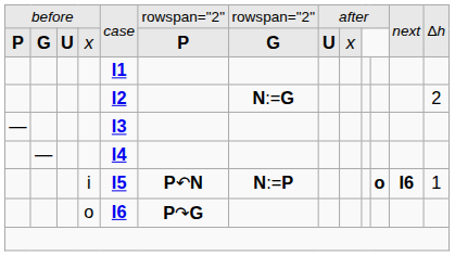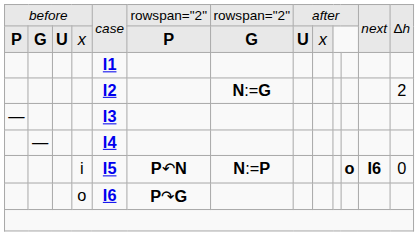 <table class="wikitable floatright" style="text-align:center;">
 <tr style="background:#E8E8E8;font-size:smaller;">
 <td colspan="4"><em>before</em></td>
 <td rowspan="2"><em>case</em></td>
 <td>rowspan="2" </td>
 <td>rowspan="2" </td>
 <td colspan="4"><em>after</em></td>
 <td rowspan="2"><em>next</em></td>
 <td rowspan="2">Δ<em>h</em></td>
 </tr>
 <tr style="background:#E8E8E8">
 <td><strong>P</strong></td>
 <td><strong>G</strong></td>
 <td><strong>U</strong></td>
 <td style="width:.8em;"><em>x</em></td>
 <td><strong>P</strong></td>
 <td><strong>G</strong></td>
 <td><strong>U</strong></td>
 <td style="width:.8em;"><em>x</em></td>
 </tr>
 <tr>
 <td></td>
 <td></td>
 <td></td>
 <td></td>
 <td><a href='#'><strong>I1</strong></a></td>
 <td></td>
 <td></td>
 <td></td>
 <td></td>
 <td></td>
 <td></td>
 <td></td>
 <td></td>
 </tr>
 <tr>
 <td></td>
 <td></td>
 <td></td>
 <td></td>
 <td><a href='#'><strong>I2</strong></a></td>
 <td></td>
 <td><strong>N</strong>:=<strong>G</strong></td>
 <td></td>
 <td></td>
 <td></td>
 <td></td>
 <td></td>
 <td>2</td>
 </tr>
 <tr>
 <td>—</td>
 <td></td>
 <td></td>
 <td></td>
 <td><a href='#'><strong>I3</strong></a></td>
 <td></td>
 <td></td>
 <td></td>
 <td></td>
 <td></td>
 <td></td>
 <td></td>
 <td></td>
 </tr>
 <tr>
 <td></td>
 <td>—</td>
 <td></td>
 <td></td>
 <td><a href='#'><strong>I4</strong></a></td>
 <td></td>
 <td></td>
 <td></td>
 <td></td>
 <td></td>
 <td></td>
 <td></td>
 <td></td>
 </tr>
 <tr>
 <td></td>
 <td></td>
 <td></td>
 <td>i</td>
 <td><a href='#'><strong>I5</strong></a></td>
 <td><strong>P</strong>↶<strong>N</strong></td>
 <td><strong>N</strong>:=<strong>P</strong></td>
 <td></td>
 <td></td>
 <td></td>
 <td><strong>o</strong></td>
 <td><strong>I6</strong></td>
-<td>1</td>
+<td>0</td>
 </tr>
 <tr>
 <td></td>
 <td></td>
 <td></td>
 <td>o</td>
 <td><a href='#'><strong>I6</strong></a></td>
 <td><strong>P</strong>↷<strong>G</strong></td>
 <td></td>
 <td></td>
 <td></td>
 <td></td>
 <td></td>
 <td></td>
 <td></td>
 </tr>
 <tr>
 <td colspan="13" style="text-align:left;font-size:smaller;"><br></td>
 </tr>
 </table>
